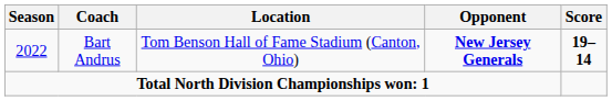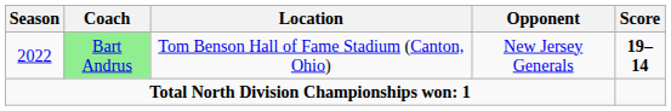 <table class="wikitable" style="width:70%;text-align:center">
 <tr>
 <th>Season</th>
 <th>Coach</th>
 <th>Location</th>
 <th>Opponent</th>
 <th>Score</th>
 </tr>
 <tr>
 <td><a href='#'>2022</a></td>
-<td><a href='#'>Bart Andrus</a></td>
+<td style="background: lightgreen;"><a href='#'>Bart Andrus</a></td>
 <td><a href='#'>Tom Benson Hall of Fame Stadium</a> (<a href='#'>Canton, Ohio</a>)</td>
-<td><strong><a href='#'>New Jersey Generals</a></strong></td>
+<td><a href='#'>New Jersey Generals</a></td>
 <td><strong>19–14</strong></td>
 </tr>
 <tr>
 <td colspan="4"><strong>Total North Division Championships won: 1</strong></td>
 <td colspan="2"></td>
 </tr>
 </table>
